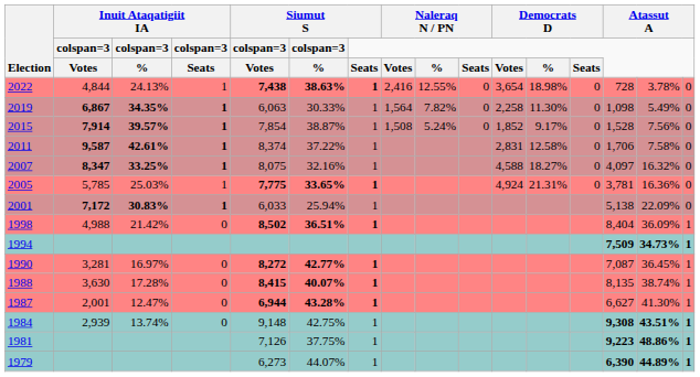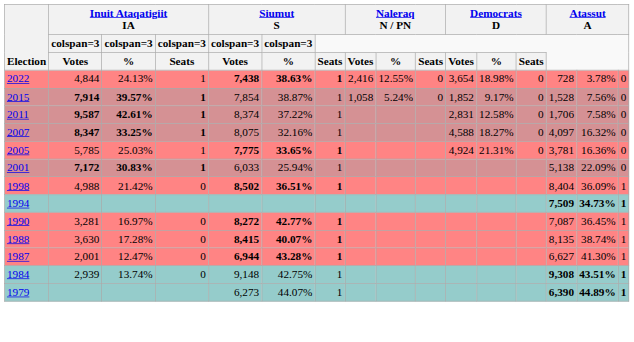 <table class="wikitable" border="1" style="font-size:100%; text-align:right;">
 <tr>
 <th style="text-align:left;" valign=bottom rowspan=3>Election</th>
 <th valign=bottom colspan=3><a href='#'>Inuit Ataqatigiit</a><br>IA</th>
 <th valign=bottom colspan=3><a href='#'>Siumut</a><br>S</th>
 <th valign=bottom colspan=3><a href='#'>Naleraq</a><br>N / PN</th>
 <th valign=bottom colspan=3><a href='#'>Democrats</a><br>D</th>
 <th valign=bottom colspan=3><a href='#'>Atassut</a><br>A</th>
 </tr>
 <tr>
 <th>colspan=3 </th>
 <th>colspan=3 </th>
 <th>colspan=3 </th>
 <th>colspan=3 </th>
 <th>colspan=3 </th>
 </tr>
 <tr>
 <th>Votes</th>
 <th>%</th>
 <th>Seats</th>
 <th>Votes</th>
 <th>%</th>
 <th>Seats</th>
 <th>Votes</th>
 <th>%</th>
 <th>Seats</th>
 <th>Votes</th>
 <th>%</th>
 <th>Seats</th>
 </tr>
 <tr style="background:#FF8484">
 <td align=left><a href='#'>2022</a></td>
 <td>4,844</td>
 <td>24.13%</td>
 <td>1</td>
 <td><strong>7,438</strong></td>
 <td><strong>38.63%</strong></td>
 <td><strong>1</strong></td>
 <td>2,416</td>
 <td>12.55%</td>
 <td>0</td>
 <td>3,654</td>
 <td>18.98%</td>
 <td>0</td>
 <td>728</td>
 <td>3.78%</td>
 <td>0</td>
 </tr>
 <tr style="background:#D59194">
-<td align=left><a href='#'>2019</a></td>
-<td><strong>6,867</strong></td>
-<td><strong>34.35%</strong></td>
-<td><strong>1</strong></td>
-<td>6,063</td>
-<td>30.33%</td>
-<td>1</td>
-<td>1,564</td>
-<td>7.82%</td>
-<td>0</td>
-<td>2,258</td>
-<td>11.30%</td>
-<td>0</td>
-<td>1,098</td>
-<td>5.49%</td>
-<td>0</td>
-</tr>
-<tr style="background:#D59194">
 <td align=left><a href='#'>2015</a></td>
 <td><strong>7,914</strong></td>
 <td><strong>39.57%</strong></td>
 <td><strong>1</strong></td>
 <td>7,854</td>
 <td>38.87%</td>
 <td>1</td>
-<td>1,508</td>
+<td>1,058</td>
 <td>5.24%</td>
 <td>0</td>
 <td>1,852</td>
 <td>9.17%</td>
 <td>0</td>
 <td>1,528</td>
 <td>7.56%</td>
 <td>0</td>
 </tr>
 <tr style="background:#D59194">
 <td align=left><a href='#'>2011</a></td>
 <td><strong>9,587</strong></td>
 <td><strong>42.61%</strong></td>
 <td><strong>1</strong></td>
 <td>8,374</td>
 <td>37.22%</td>
 <td>1</td>
 <td></td>
 <td></td>
 <td></td>
 <td>2,831</td>
 <td>12.58%</td>
 <td>0</td>
 <td>1,706</td>
 <td>7.58%</td>
 <td>0</td>
 </tr>
 <tr style="background:#D59194">
 <td align=left><a href='#'>2007</a></td>
 <td><strong>8,347</strong></td>
 <td><strong>33.25%</strong></td>
 <td><strong>1</strong></td>
 <td>8,075</td>
 <td>32.16%</td>
 <td>1</td>
 <td></td>
 <td></td>
 <td></td>
 <td>4,588</td>
 <td>18.27%</td>
 <td>0</td>
 <td>4,097</td>
 <td>16.32%</td>
 <td>0</td>
 </tr>
 <tr style="background:#FF8484">
 <td align=left><a href='#'>2005</a></td>
 <td>5,785</td>
 <td>25.03%</td>
 <td>1</td>
 <td><strong>7,775</strong></td>
 <td><strong>33.65%</strong></td>
 <td><strong>1</strong></td>
 <td></td>
 <td></td>
 <td></td>
 <td>4,924</td>
 <td>21.31%</td>
 <td>0</td>
 <td>3,781</td>
 <td>16.36%</td>
 <td>0</td>
 </tr>
 <tr style="background:#D59194">
 <td align=left><a href='#'>2001</a></td>
 <td><strong>7,172</strong></td>
 <td><strong>30.83%</strong></td>
 <td><strong>1</strong></td>
 <td>6,033</td>
 <td>25.94%</td>
 <td>1</td>
 <td></td>
 <td></td>
 <td></td>
 <td></td>
 <td></td>
 <td></td>
 <td>5,138</td>
 <td>22.09%</td>
 <td>0</td>
 </tr>
 <tr style="background:#FF8484">
 <td align=left><a href='#'>1998</a></td>
 <td>4,988</td>
 <td>21.42%</td>
 <td>0</td>
 <td><strong>8,502</strong></td>
 <td><strong>36.51%</strong></td>
 <td><strong>1</strong></td>
 <td></td>
 <td></td>
 <td></td>
 <td></td>
 <td></td>
 <td></td>
 <td>8,404</td>
 <td>36.09%</td>
 <td>1</td>
 </tr>
 <tr style="background:#95CCCB">
 <td align=left><a href='#'>1994</a></td>
 <td></td>
 <td></td>
 <td></td>
 <td></td>
 <td></td>
 <td></td>
 <td></td>
 <td></td>
 <td></td>
 <td></td>
 <td></td>
 <td></td>
 <td><strong>7,509</strong></td>
 <td><strong>34.73%</strong></td>
 <td><strong>1</strong></td>
 </tr>
 <tr style="background:#FF8484">
 <td align=left><a href='#'>1990</a></td>
 <td>3,281</td>
 <td>16.97%</td>
 <td>0</td>
 <td><strong>8,272</strong></td>
 <td><strong>42.77%</strong></td>
 <td><strong>1</strong></td>
 <td></td>
 <td></td>
 <td></td>
 <td></td>
 <td></td>
 <td></td>
 <td>7,087</td>
 <td>36.45%</td>
 <td>1</td>
 </tr>
 <tr style="background:#FF8484">
 <td align=left><a href='#'>1988</a></td>
 <td>3,630</td>
 <td>17.28%</td>
 <td>0</td>
 <td><strong>8,415</strong></td>
 <td><strong>40.07%</strong></td>
 <td><strong>1</strong></td>
 <td></td>
 <td></td>
 <td></td>
 <td></td>
 <td></td>
 <td></td>
 <td>8,135</td>
 <td>38.74%</td>
 <td>1</td>
 </tr>
 <tr style="background:#FF8484">
 <td align=left><a href='#'>1987</a></td>
 <td>2,001</td>
 <td>12.47%</td>
 <td>0</td>
 <td><strong>6,944</strong></td>
 <td><strong>43.28%</strong></td>
 <td><strong>1</strong></td>
 <td></td>
 <td></td>
 <td></td>
 <td></td>
 <td></td>
 <td></td>
 <td>6,627</td>
 <td>41.30%</td>
 <td>1</td>
 </tr>
 <tr style="background:#95CCCB">
 <td align=left><a href='#'>1984</a></td>
 <td>2,939</td>
 <td>13.74%</td>
 <td>0</td>
 <td>9,148</td>
 <td>42.75%</td>
 <td>1</td>
 <td></td>
 <td></td>
 <td></td>
 <td></td>
 <td></td>
 <td></td>
 <td><strong>9,308</strong></td>
 <td><strong>43.51%</strong></td>
 <td><strong>1</strong></td>
 </tr>
 <tr style="background:#95CCCB">
-<td align=left><a href='#'>1981</a></td>
-<td></td>
-<td></td>
-<td></td>
-<td>7,126</td>
-<td>37.75%</td>
-<td>1</td>
-<td></td>
-<td></td>
-<td></td>
-<td></td>
-<td></td>
-<td></td>
-<td><strong>9,223</strong></td>
-<td><strong>48.86%</strong></td>
-<td><strong>1</strong></td>
-</tr>
-<tr style="background:#95CCCB">
 <td align=left><a href='#'>1979</a></td>
 <td></td>
 <td></td>
 <td></td>
 <td>6,273</td>
 <td>44.07%</td>
 <td>1</td>
 <td></td>
 <td></td>
 <td></td>
 <td></td>
 <td></td>
 <td></td>
 <td><strong>6,390</strong></td>
 <td><strong>44.89%</strong></td>
 <td><strong>1</strong></td>
 </tr>
 </table>
